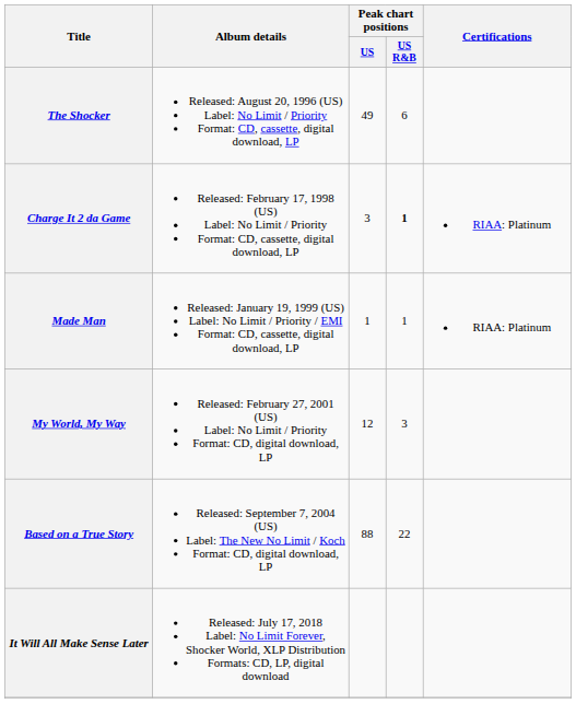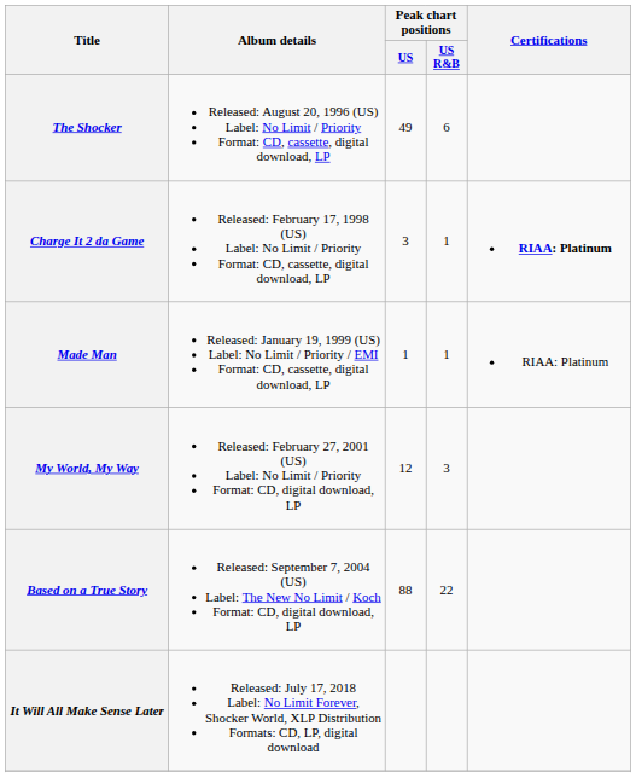 <table class="wikitable plainrowheaders" style="text-align:center;">
 <tr>
 <th scope="col" rowspan="2" style="width:12em;">Title</th>
 <th scope="col" rowspan="2" style="width:16em;">Album details</th>
 <th scope="col" colspan="2">Peak chart positions</th>
 <th scope="col" rowspan="2" style="width:12em;"><a href='#'>Certifications</a></th>
 </tr>
 <tr>
 <th scope="col" style="width:3em;font-size:90%;"><a href='#'>US</a></th>
 <th scope="col" style="width:3em;font-size:90%;"><a href='#'>US R&B</a></th>
 </tr>
 <tr>
 <th scope="row"><em><a href='#'>The Shocker</a> </em></th>
 <td><br><ul><li>Released: August 20, 1996 <span>(US)</span></li><li>Label: <a href='#'>No Limit</a> / <a href='#'>Priority</a></li><li>Format: <a href='#'>CD</a>, <a href='#'>cassette</a>, digital download, <a href='#'>LP</a></li></ul></td>
 <td>49</td>
 <td>6</td>
 <td></td>
 </tr>
 <tr>
 <th scope="row"><em><a href='#'>Charge It 2 da Game</a></em></th>
 <td><br><ul><li>Released: February 17, 1998 <span>(US)</span></li><li>Label: No Limit / Priority</li><li>Format: CD, cassette, digital download, LP</li></ul></td>
 <td>3</td>
-<td><strong>1</strong></td>
-<td><br><ul><li><a href='#'>RIAA</a>: Platinum</li></ul></td>
+<td>1</td>
+<td><strong><br><ul><li><a href='#'>RIAA</a>: Platinum</li></ul></strong></td>
 </tr>
 <tr>
 <th scope="row"><em><a href='#'>Made Man</a></em></th>
 <td><br><ul><li>Released: January 19, 1999 <span>(US)</span></li><li>Label: No Limit / Priority / <a href='#'>EMI</a></li><li>Format: CD, cassette, digital download, LP</li></ul></td>
 <td>1</td>
 <td>1</td>
 <td><br><ul><li>RIAA: Platinum</li></ul></td>
 </tr>
 <tr>
 <th scope="row"><em><a href='#'>My World, My Way</a></em></th>
 <td><br><ul><li>Released: February 27, 2001 <span>(US)</span></li><li>Label: No Limit / Priority</li><li>Format: CD, digital download, LP</li></ul></td>
 <td>12</td>
 <td>3</td>
 <td></td>
 </tr>
 <tr>
 <th scope="row"><em><a href='#'>Based on a True Story</a></em></th>
 <td><br><ul><li>Released: September 7, 2004 <span>(US)</span></li><li>Label: <a href='#'>The New No Limit</a> / <a href='#'>Koch</a></li><li>Format: CD, digital download, LP</li></ul></td>
 <td>88</td>
 <td>22</td>
 <td></td>
 </tr>
 <tr>
 <th scope="row"><em>It Will All Make Sense Later</em></th>
 <td><br><ul><li>Released: July 17, 2018</li><li>Label: <a href='#'>No Limit Forever</a>, Shocker World, XLP Distribution</li><li>Formats: CD, LP, digital download</li></ul></td>
 <td></td>
 <td></td>
 <td></td>
 </tr>
 <tr>
 </tr>
 <tr>
 </tr>
 </table>
